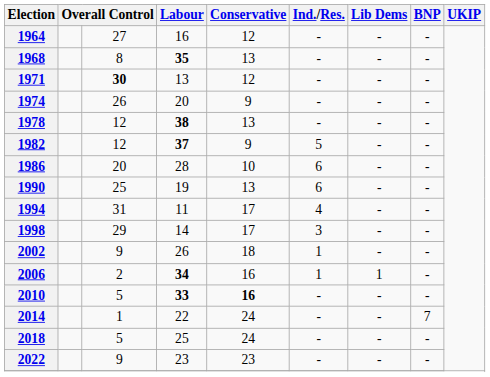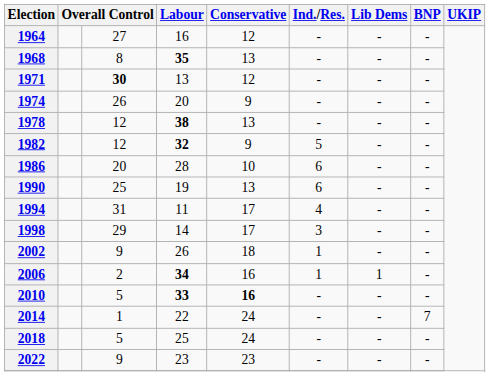 <table class="wikitable">
 <tr>
 <th>Election</th>
 <th colspan=2>Overall Control</th>
 <th><a href='#'>Labour</a></th>
 <th><a href='#'>Conservative</a></th>
 <th><a href='#'>Ind.</a>/<a href='#'>Res.</a></th>
 <th><a href='#'>Lib Dems</a></th>
 <th><a href='#'>BNP</a></th>
 <th><a href='#'>UKIP</a></th>
 </tr>
 <tr>
 <th><a href='#'>1964</a></th>
 <td></td>
 <td style="text-align: center;">27</td>
 <td style="text-align: center;">16</td>
 <td style="text-align: center;">12</td>
 <td style="text-align: center;">-</td>
 <td style="text-align: center;">-</td>
 <td style="text-align: center;">-</td>
 </tr>
 <tr>
 <th><a href='#'>1968</a></th>
 <td></td>
 <td style="text-align: center;">8</td>
 <td style="text-align: center;"><strong>35</strong></td>
 <td style="text-align: center;">13</td>
 <td style="text-align: center;">-</td>
 <td style="text-align: center;">-</td>
 <td style="text-align: center;">-</td>
 </tr>
 <tr>
 <th><a href='#'>1971</a></th>
 <td></td>
 <td style="text-align: center;"><strong>30</strong></td>
 <td style="text-align: center;">13</td>
 <td style="text-align: center;">12</td>
 <td style="text-align: center;">-</td>
 <td style="text-align: center;">-</td>
 <td style="text-align: center;">-</td>
 </tr>
 <tr>
 <th><a href='#'>1974</a></th>
 <td></td>
 <td style="text-align: center;">26</td>
 <td style="text-align: center;">20</td>
 <td style="text-align: center;">9</td>
 <td style="text-align: center;">-</td>
 <td style="text-align: center;">-</td>
 <td style="text-align: center;">-</td>
 </tr>
 <tr>
 <th><a href='#'>1978</a></th>
 <td></td>
 <td style="text-align: center;">12</td>
 <td style="text-align: center;"><strong>38</strong></td>
 <td style="text-align: center;">13</td>
 <td style="text-align: center;">-</td>
 <td style="text-align: center;">-</td>
 <td style="text-align: center;">-</td>
 </tr>
 <tr>
 <th><a href='#'>1982</a></th>
 <td></td>
 <td style="text-align: center;">12</td>
-<td style="text-align: center;"><strong>37</strong></td>
+<td style="text-align: center;"><strong>32</strong></td>
 <td style="text-align: center;">9</td>
 <td style="text-align: center;">5</td>
 <td style="text-align: center;">-</td>
 <td style="text-align: center;">-</td>
 </tr>
 <tr>
 <th><a href='#'>1986</a></th>
 <td></td>
 <td style="text-align: center;">20</td>
 <td style="text-align: center;">28</td>
 <td style="text-align: center;">10</td>
 <td style="text-align: center;">6</td>
 <td style="text-align: center;">-</td>
 <td style="text-align: center;">-</td>
 </tr>
 <tr>
 <th><a href='#'>1990</a></th>
 <td></td>
 <td style="text-align: center;">25</td>
 <td style="text-align: center;">19</td>
 <td style="text-align: center;">13</td>
 <td style="text-align: center;">6</td>
 <td style="text-align: center;">-</td>
 <td style="text-align: center;">-</td>
 </tr>
 <tr>
 <th><a href='#'>1994</a></th>
 <td></td>
 <td style="text-align: center;">31</td>
 <td style="text-align: center;">11</td>
 <td style="text-align: center;">17</td>
 <td style="text-align: center;">4</td>
 <td style="text-align: center;">-</td>
 <td style="text-align: center;">-</td>
 </tr>
 <tr>
 <th><a href='#'>1998</a></th>
 <td></td>
 <td style="text-align: center;">29</td>
 <td style="text-align: center;">14</td>
 <td style="text-align: center;">17</td>
 <td style="text-align: center;">3</td>
 <td style="text-align: center;">-</td>
 <td style="text-align: center;">-</td>
 </tr>
 <tr>
 <th><a href='#'>2002</a></th>
 <td></td>
 <td style="text-align: center;">9</td>
 <td style="text-align: center;">26</td>
 <td style="text-align: center;">18</td>
 <td style="text-align: center;">1</td>
 <td style="text-align: center;">-</td>
 <td style="text-align: center;">-</td>
 </tr>
 <tr>
 <th><a href='#'>2006</a></th>
 <td></td>
 <td style="text-align: center;">2</td>
 <td style="text-align: center;"><strong>34</strong></td>
 <td style="text-align: center;">16</td>
 <td style="text-align: center;">1</td>
 <td style="text-align: center;">1</td>
 <td style="text-align: center;">-</td>
 </tr>
 <tr>
 <th><a href='#'>2010</a></th>
 <td></td>
 <td style="text-align: center;">5</td>
 <td style="text-align: center;"><strong>33</strong></td>
 <td style="text-align: center;"><strong>16</strong></td>
 <td style="text-align: center;">-</td>
 <td style="text-align: center;">-</td>
 <td style="text-align: center;">-</td>
 </tr>
 <tr>
 <th><a href='#'>2014</a></th>
 <td></td>
 <td style="text-align: center;">1</td>
 <td style="text-align: center;">22</td>
 <td style="text-align: center;">24</td>
 <td style="text-align: center;">-</td>
 <td style="text-align: center;">-</td>
 <td style="text-align: center;">7</td>
 </tr>
 <tr>
 <th><a href='#'>2018</a></th>
 <td></td>
 <td style="text-align: center;">5</td>
 <td style="text-align: center;">25</td>
 <td style="text-align: center;">24</td>
 <td style="text-align: center;">-</td>
 <td style="text-align: center;">-</td>
 <td style="text-align: center;">-</td>
 </tr>
 <tr>
 <th><a href='#'>2022</a></th>
 <td></td>
 <td style="text-align: center;">9</td>
 <td style="text-align: center;">23</td>
 <td style="text-align: center;">23</td>
 <td style="text-align: center;">-</td>
 <td style="text-align: center;">-</td>
 <td style="text-align: center;">-</td>
 </tr>
 <tr>
 </tr>
 </table>
